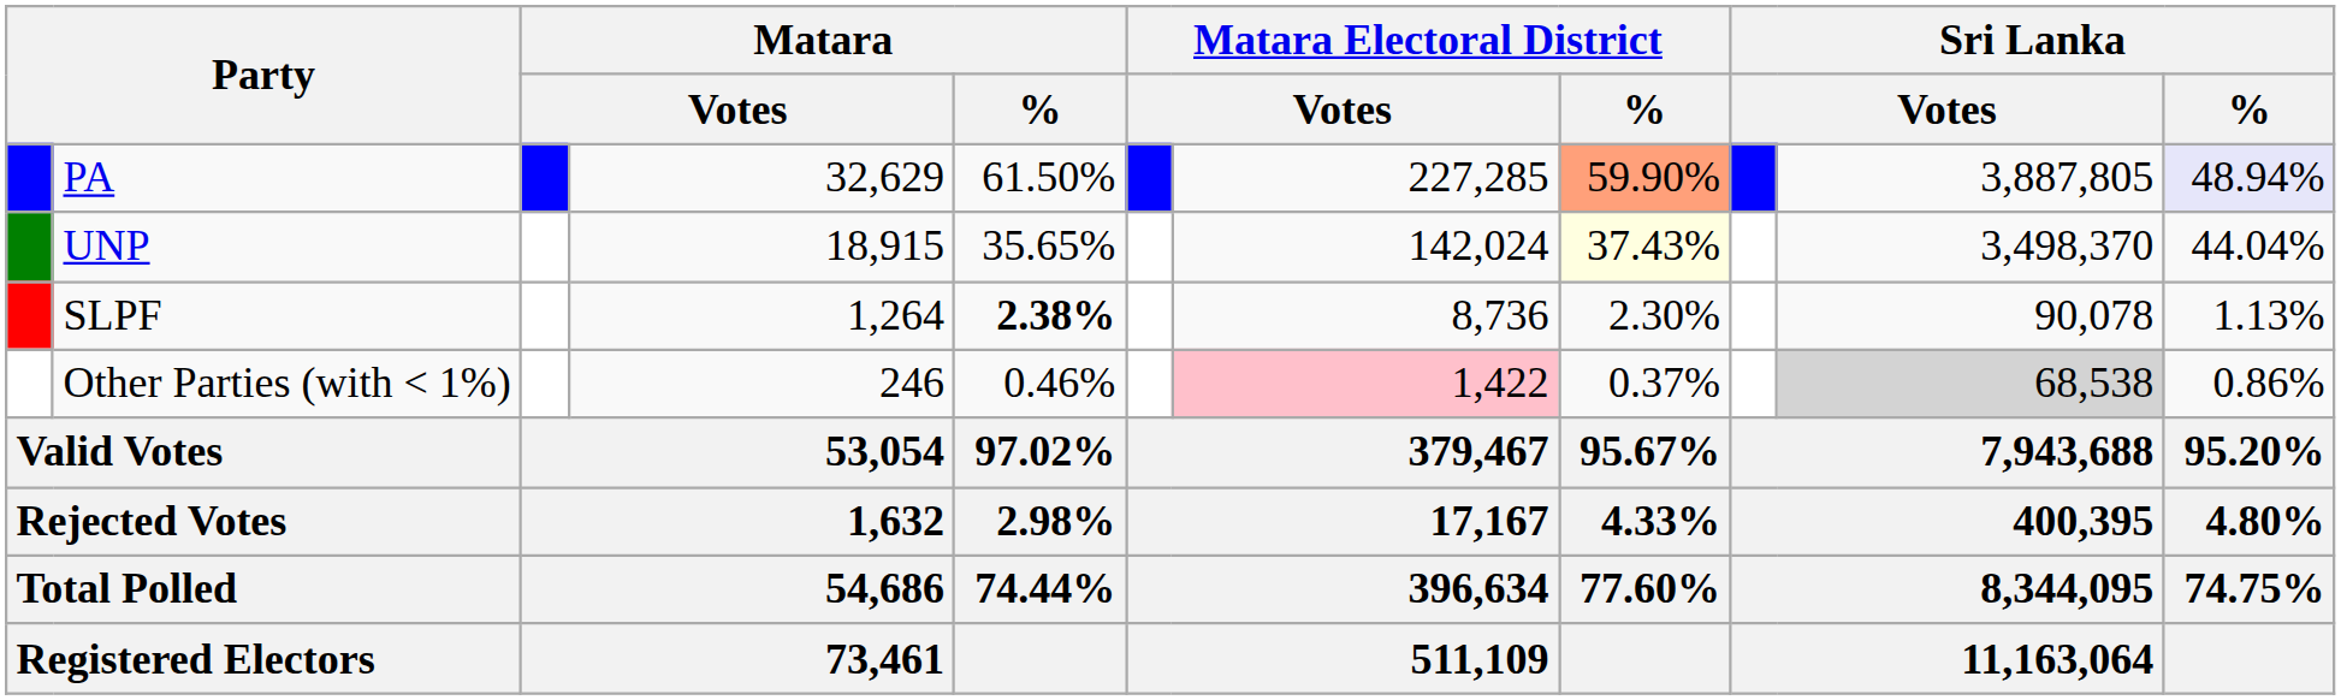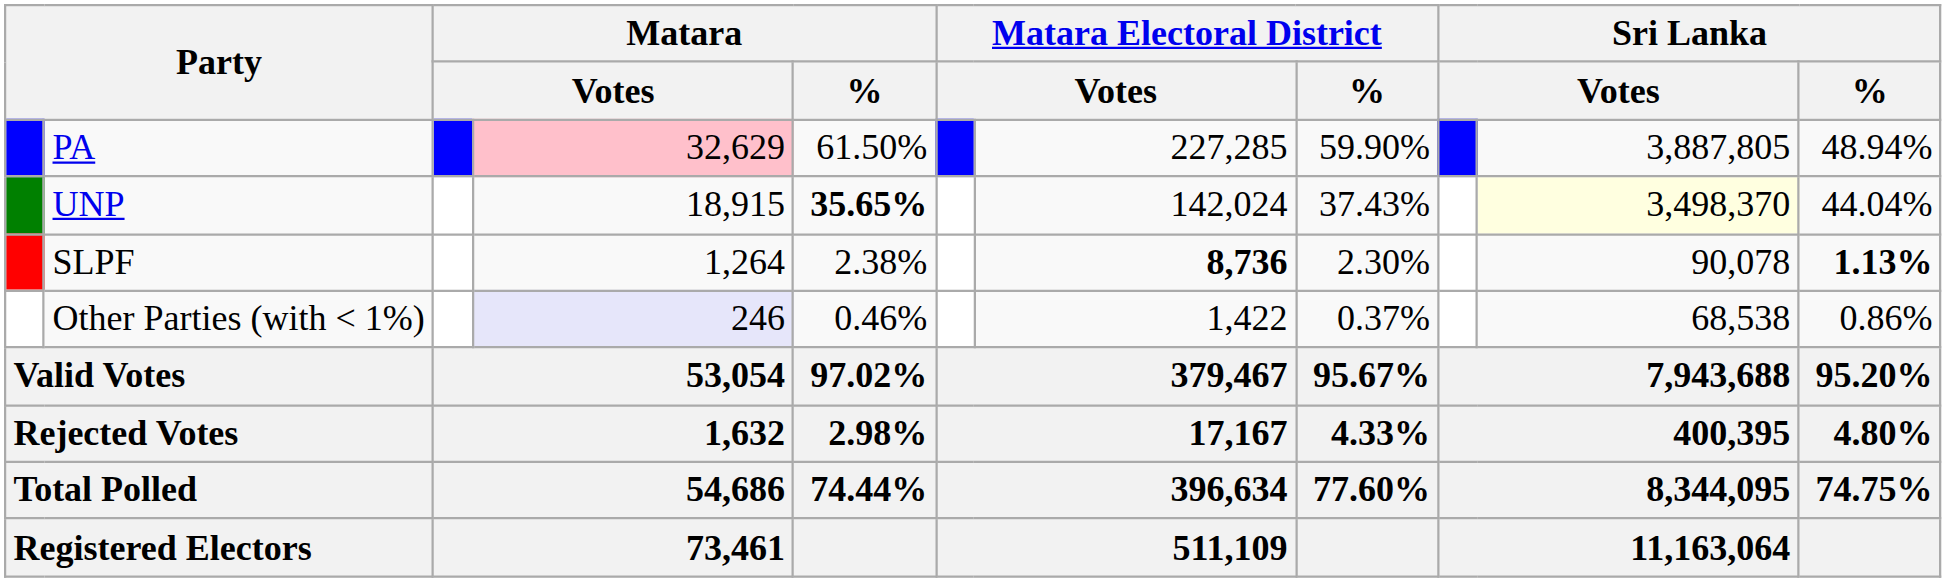 <table class="wikitable">
 <tr>
 <th colspan="2" width="144px"rowspan="2">Party</th>
 <th colspan="3" width="216px">Matara</th>
 <th colspan="3" width="216px"><a href='#'>Matara Electoral District</a></th>
 <th colspan="3" width="216px">Sri Lanka</th>
 </tr>
 <tr>
 <th colspan="2" width="144px">Votes</th>
 <th>%</th>
 <th colspan="2" width="144px">Votes</th>
 <th>%</th>
 <th colspan="2" width="144px">Votes</th>
 <th>%</th>
 </tr>
 <tr>
 <td style="background-color:blue;" width="10px"></td>
 <td style="text-align:left;"><a href='#'>PA</a></td>
 <td style="background-color:blue;" width="10px"></td>
-<td style="text-align:right;">32,629</td>
+<td style="background: pink; text-align:right;">32,629</td>
 <td style="text-align:right;">61.50%</td>
 <td style="background-color:blue;" width="10px"></td>
 <td style="text-align:right;">227,285</td>
-<td style="background: lightsalmon; text-align:right;">59.90%</td>
+<td style="text-align:right;">59.90%</td>
 <td style="background-color:blue;" width="10px"></td>
 <td style="text-align:right;">3,887,805</td>
-<td style="background: lavender; text-align:right;">48.94%</td>
+<td style="text-align:right;">48.94%</td>
 </tr>
 <tr>
 <td style="background-color:green;" width="10px"></td>
 <td style="text-align:left;"><a href='#'>UNP</a></td>
 <td style="background-color:white;" width="10px"></td>
 <td style="text-align:right;">18,915</td>
-<td style="text-align:right;">35.65%</td>
+<td style="text-align:right;"><strong>35.65%</strong></td>
 <td style="background-color:white;" width="10px"></td>
 <td style="text-align:right;">142,024</td>
-<td style="background: lightyellow; text-align:right;">37.43%</td>
+<td style="text-align:right;">37.43%</td>
 <td style="background-color:white;" width="10px"></td>
-<td style="text-align:right;">3,498,370</td>
+<td style="background: lightyellow; text-align:right;">3,498,370</td>
 <td style="text-align:right;">44.04%</td>
 </tr>
 <tr>
 <td style="background-color:red;" width="10px"></td>
 <td style="text-align:left;">SLPF</td>
 <td style="background-color:white;" width="10px"></td>
 <td style="text-align:right;">1,264</td>
-<td style="text-align:right;"><strong>2.38%</strong></td>
+<td style="text-align:right;">2.38%</td>
 <td style="background-color:white;" width="10px"></td>
-<td style="text-align:right;">8,736</td>
+<td style="text-align:right;"><strong>8,736</strong></td>
 <td style="text-align:right;">2.30%</td>
 <td style="background-color:white;" width="10px"></td>
 <td style="text-align:right;">90,078</td>
-<td style="text-align:right;">1.13%</td>
+<td style="text-align:right;"><strong>1.13%</strong></td>
 </tr>
 <tr>
 <td style="background-color:white;" width="10px"></td>
 <td style="text-align:left;">Other Parties (with < 1%)</td>
 <td style="background-color:white;" width="10px"></td>
-<td style="text-align:right;">246</td>
+<td style="background: lavender; text-align:right;">246</td>
 <td style="text-align:right;">0.46%</td>
 <td style="background-color:white;" width="10px"></td>
-<td style="background: pink; text-align:right;">1,422</td>
+<td style="text-align:right;">1,422</td>
 <td style="text-align:right;">0.37%</td>
 <td style="background-color:white;" width="10px"></td>
-<td style="background: lightgrey; text-align:right;">68,538</td>
+<td style="text-align:right;">68,538</td>
 <td style="text-align:right;">0.86%</td>
 </tr>
 <tr>
 <th colspan="2" width="144px"style="text-align:left;">Valid Votes</th>
 <th style="text-align:right;"colspan="2" width="144px">53,054</th>
 <th style="text-align:right;">97.02%</th>
 <th style="text-align:right;"colspan="2" width="144px">379,467</th>
 <th style="text-align:right;">95.67%</th>
 <th style="text-align:right;"colspan="2" width="144px">7,943,688</th>
 <th style="text-align:right;">95.20%</th>
 </tr>
 <tr>
 <th colspan="2" width="144px"style="text-align:left;">Rejected Votes</th>
 <th style="text-align:right;"colspan="2" width="144px">1,632</th>
 <th style="text-align:right;">2.98%</th>
 <th style="text-align:right;"colspan="2" width="144px">17,167</th>
 <th style="text-align:right;">4.33%</th>
 <th style="text-align:right;"colspan="2" width="144px">400,395</th>
 <th style="text-align:right;">4.80%</th>
 </tr>
 <tr>
 <th colspan="2" width="144px"style="text-align:left;">Total Polled</th>
 <th style="text-align:right;"colspan="2" width="144px">54,686</th>
 <th style="text-align:right;">74.44%</th>
 <th style="text-align:right;"colspan="2" width="144px">396,634</th>
 <th style="text-align:right;">77.60%</th>
 <th style="text-align:right;"colspan="2" width="144px">8,344,095</th>
 <th style="text-align:right;">74.75%</th>
 </tr>
 <tr>
 <th colspan="2" width="144px"style="text-align:left;">Registered Electors</th>
 <th style="text-align:right;"colspan="2" width="144px">73,461</th>
 <th></th>
 <th style="text-align:right;"colspan="2" width="144px">511,109</th>
 <th></th>
 <th style="text-align:right;"colspan="2" width="144px">11,163,064</th>
 <th></th>
 </tr>
 </table>
